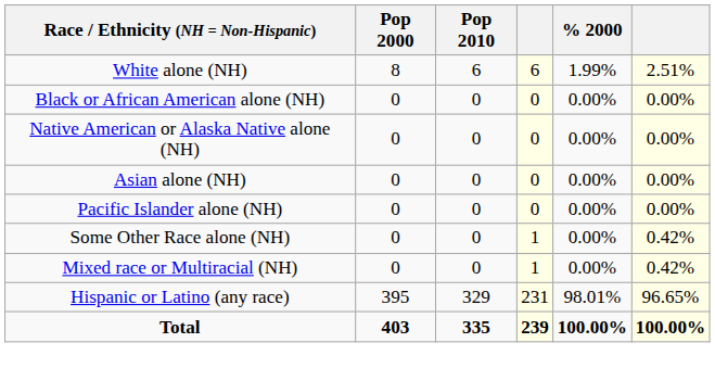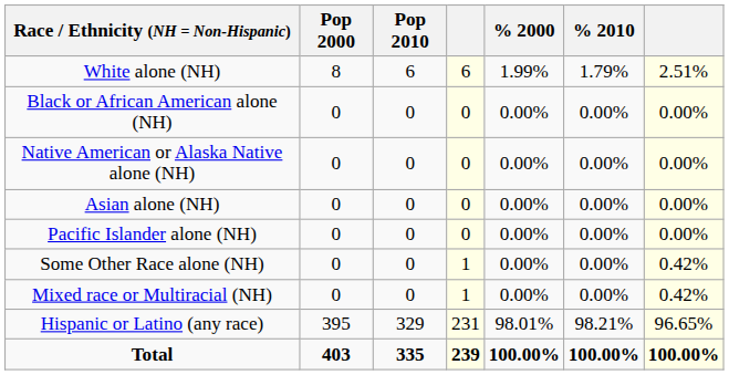 <table class="wikitable" style="text-align:center;">
 <tr>
 <th>Race / Ethnicity <small>(<em>NH = Non-Hispanic</em>)</small></th>
 <th>Pop 2000</th>
 <th>Pop 2010</th>
 <th></th>
 <th>% 2000</th>
+<th>% 2010</th>
 <th></th>
 </tr>
 <tr>
 <td><a href='#'>White</a> alone (NH)</td>
 <td>8</td>
 <td>6</td>
 <td style='background: #ffffe6;'>6</td>
 <td>1.99%</td>
+<td>1.79%</td>
 <td style='background: #ffffe6;'>2.51%</td>
 </tr>
 <tr>
 <td><a href='#'>Black or African American</a> alone (NH)</td>
 <td>0</td>
 <td>0</td>
 <td style='background: #ffffe6;'>0</td>
+<td>0.00%</td>
 <td>0.00%</td>
 <td style='background: #ffffe6;'>0.00%</td>
 </tr>
 <tr>
 <td><a href='#'>Native American</a> or <a href='#'>Alaska Native</a> alone (NH)</td>
 <td>0</td>
 <td>0</td>
 <td style='background: #ffffe6;'>0</td>
 <td>0.00%</td>
+<td>0.00%</td>
 <td style='background: #ffffe6;'>0.00%</td>
 </tr>
 <tr>
 <td><a href='#'>Asian</a> alone (NH)</td>
 <td>0</td>
 <td>0</td>
 <td style='background: #ffffe6;'>0</td>
+<td>0.00%</td>
 <td>0.00%</td>
 <td style='background: #ffffe6;'>0.00%</td>
 </tr>
 <tr>
 <td><a href='#'>Pacific Islander</a> alone (NH)</td>
 <td>0</td>
 <td>0</td>
 <td style='background: #ffffe6;'>0</td>
 <td>0.00%</td>
+<td>0.00%</td>
 <td style='background: #ffffe6;'>0.00%</td>
 </tr>
 <tr>
 <td>Some Other Race alone (NH)</td>
 <td>0</td>
 <td>0</td>
 <td style='background: #ffffe6;'>1</td>
+<td>0.00%</td>
 <td>0.00%</td>
 <td style='background: #ffffe6;'>0.42%</td>
 </tr>
 <tr>
 <td><a href='#'>Mixed race or Multiracial</a> (NH)</td>
 <td>0</td>
 <td>0</td>
 <td style='background: #ffffe6;'>1</td>
 <td>0.00%</td>
+<td>0.00%</td>
 <td style='background: #ffffe6;'>0.42%</td>
 </tr>
 <tr>
 <td><a href='#'>Hispanic or Latino</a> (any race)</td>
 <td>395</td>
 <td>329</td>
 <td style='background: #ffffe6;'>231</td>
 <td>98.01%</td>
+<td>98.21%</td>
 <td style='background: #ffffe6;'>96.65%</td>
 </tr>
 <tr>
 <td><strong>Total</strong></td>
 <td><strong>403</strong></td>
 <td><strong>335</strong></td>
 <td style='background: #ffffe6;'><strong>239</strong></td>
 <td><strong>100.00%</strong></td>
+<td><strong>100.00%</strong></td>
 <td style='background: #ffffe6;'><strong>100.00%</strong></td>
 </tr>
 </table>
